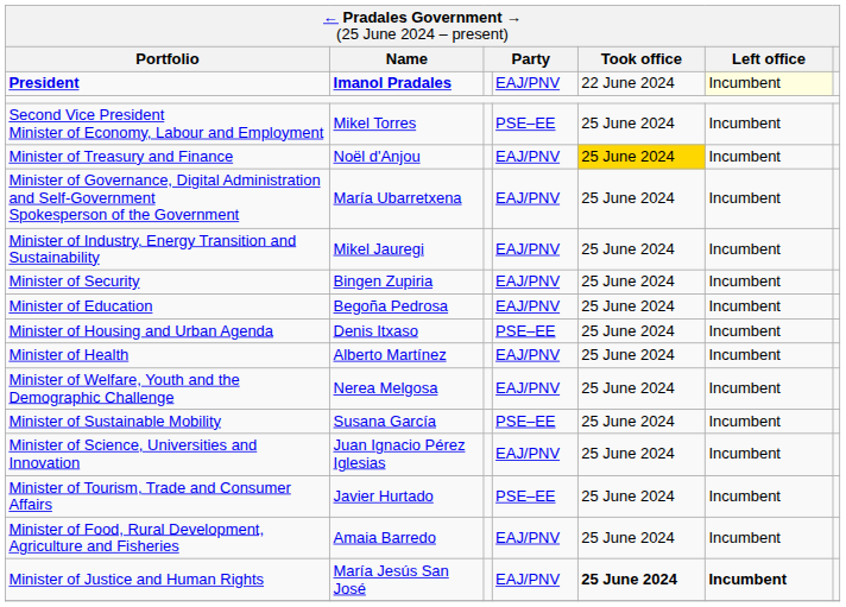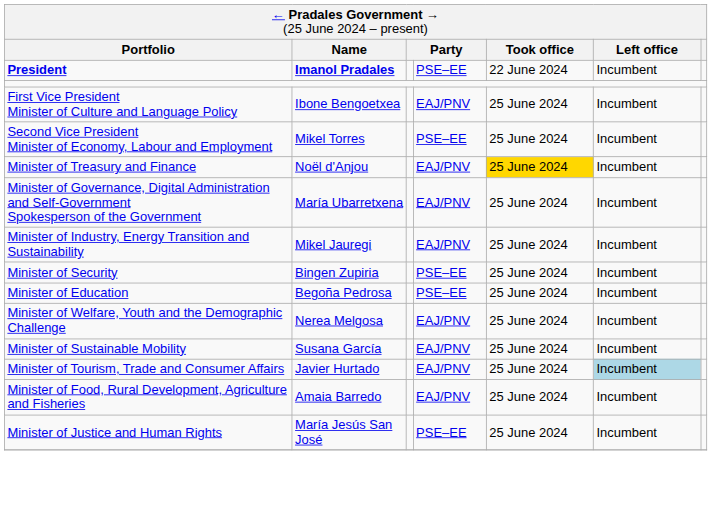 <table class="wikitable">
 <tr>
 <td colspan="7" align="center" bgcolor="#F2F2F2"><a href='#'>←</a> <strong>Pradales Government</strong> →<br>(25 June 2024 – present)</td>
 </tr>
 <tr>
 <th>Portfolio</th>
 <th>Name</th>
 <th colspan="2" width="100px">Party</th>
 <th width="125px">Took office</th>
 <th width="125px">Left office</th>
 <th></th>
 </tr>
 <tr>
 <td><strong><a href='#'>President</a></strong></td>
 <td><strong><a href='#'>Imanol Pradales</a></strong></td>
 <td width="1" style="color:inherit;background:"></td>
-<td><a href='#'>EAJ/PNV</a></td>
+<td><a href='#'>PSE–EE</a></td>
 <td>22 June 2024</td>
-<td style="background: lightyellow;">Incumbent</td>
+<td>Incumbent</td>
 <td align="center"></td>
 </tr>
 <tr>
 <td colspan="7"></td>
+</tr>
+<tr>
+<td><a href='#'>First Vice President</a><br><a href='#'>Minister of Culture and Language Policy</a></td>
+<td><a href='#'>Ibone Bengoetxea</a></td>
+<td style="color:inherit;background:"></td>
+<td><a href='#'>EAJ/PNV</a></td>
+<td>25 June 2024</td>
+<td>Incumbent</td>
+<td align="center"></td>
 </tr>
 <tr>
 <td><a href='#'>Second Vice President</a><br><a href='#'>Minister of Economy, Labour and Employment</a></td>
 <td><a href='#'>Mikel Torres</a></td>
 <td style="color:inherit;background:"></td>
 <td><a href='#'>PSE–EE</a></td>
 <td>25 June 2024</td>
 <td>Incumbent</td>
 <td align="center"></td>
 </tr>
 <tr>
 <td><a href='#'>Minister of Treasury and Finance</a></td>
 <td><a href='#'>Noël d'Anjou</a></td>
 <td style="color:inherit;background:"></td>
 <td><a href='#'>EAJ/PNV</a></td>
 <td style="background: gold;">25 June 2024</td>
 <td>Incumbent</td>
 <td align="center"></td>
 </tr>
 <tr>
 <td><a href='#'>Minister of Governance, Digital Administration and Self-Government</a><br><a href='#'>Spokesperson of the Government</a></td>
 <td><a href='#'>María Ubarretxena</a></td>
 <td style="color:inherit;background:"></td>
 <td><a href='#'>EAJ/PNV</a></td>
 <td>25 June 2024</td>
 <td>Incumbent</td>
 <td align="center"></td>
 </tr>
 <tr>
 <td><a href='#'>Minister of Industry, Energy Transition and Sustainability</a></td>
 <td><a href='#'>Mikel Jauregi</a></td>
 <td style="color:inherit;background:"></td>
 <td><a href='#'>EAJ/PNV</a></td>
 <td>25 June 2024</td>
 <td>Incumbent</td>
 <td align="center"></td>
 </tr>
 <tr>
 <td><a href='#'>Minister of Security</a></td>
 <td><a href='#'>Bingen Zupiria</a></td>
 <td style="color:inherit;background:"></td>
-<td><a href='#'>EAJ/PNV</a></td>
+<td><a href='#'>PSE–EE</a></td>
 <td>25 June 2024</td>
 <td>Incumbent</td>
 <td align="center"></td>
 </tr>
 <tr>
 <td><a href='#'>Minister of Education</a></td>
 <td><a href='#'>Begoña Pedrosa</a></td>
 <td style="color:inherit;background:"></td>
-<td><a href='#'>EAJ/PNV</a> </td>
-<td>25 June 2024</td>
-<td>Incumbent</td>
-<td align="center"></td>
-</tr>
-<tr>
-<td><a href='#'>Minister of Housing and Urban Agenda</a></td>
-<td><a href='#'>Denis Itxaso</a></td>
-<td style="color:inherit;background:"></td>
 <td><a href='#'>PSE–EE</a></td>
-<td>25 June 2024</td>
-<td>Incumbent</td>
-<td align="center"></td>
-</tr>
-<tr>
-<td><a href='#'>Minister of Health</a></td>
-<td><a href='#'>Alberto Martínez</a></td>
-<td style="color:inherit;background:"></td>
-<td><a href='#'>EAJ/PNV</a></td>
 <td>25 June 2024</td>
 <td>Incumbent</td>
 <td align="center"></td>
 </tr>
 <tr>
 <td><a href='#'>Minister of Welfare, Youth and the Demographic Challenge</a></td>
 <td><a href='#'>Nerea Melgosa</a></td>
 <td style="color:inherit;background:"></td>
 <td><a href='#'>EAJ/PNV</a></td>
 <td>25 June 2024</td>
 <td>Incumbent</td>
 <td align="center"></td>
 </tr>
 <tr>
 <td><a href='#'>Minister of Sustainable Mobility</a></td>
 <td><a href='#'>Susana García</a></td>
 <td style="color:inherit;background:"></td>
-<td><a href='#'>PSE–EE</a></td>
-<td>25 June 2024</td>
-<td>Incumbent</td>
-<td align="center"></td>
-</tr>
-<tr>
-<td><a href='#'>Minister of Science, Universities and Innovation</a></td>
-<td><a href='#'>Juan Ignacio Pérez Iglesias</a></td>
-<td style="color:inherit;background:"></td>
 <td><a href='#'>EAJ/PNV</a> </td>
 <td>25 June 2024</td>
 <td>Incumbent</td>
 <td align="center"></td>
 </tr>
 <tr>
 <td><a href='#'>Minister of Tourism, Trade and Consumer Affairs</a></td>
 <td><a href='#'>Javier Hurtado</a></td>
 <td style="color:inherit;background:"></td>
-<td><a href='#'>PSE–EE</a></td>
+<td><a href='#'>EAJ/PNV</a></td>
 <td>25 June 2024</td>
-<td>Incumbent</td>
+<td style="background: lightblue;">Incumbent</td>
 <td align="center"></td>
 </tr>
 <tr>
 <td><a href='#'>Minister of Food, Rural Development, Agriculture and Fisheries</a></td>
 <td><a href='#'>Amaia Barredo</a></td>
 <td style="color:inherit;background:"></td>
 <td><a href='#'>EAJ/PNV</a></td>
 <td>25 June 2024</td>
 <td>Incumbent</td>
 <td align="center"></td>
 </tr>
 <tr>
 <td><a href='#'>Minister of Justice and Human Rights</a></td>
 <td><a href='#'>María Jesús San José</a></td>
 <td style="color:inherit;background:"></td>
-<td><a href='#'>EAJ/PNV</a></td>
-<td><strong>25 June 2024</strong></td>
-<td><strong>Incumbent</strong></td>
+<td><a href='#'>PSE–EE</a></td>
+<td>25 June 2024</td>
+<td>Incumbent</td>
 <td align="center"></td>
 </tr>
 <tr>
 </tr>
 </table>
